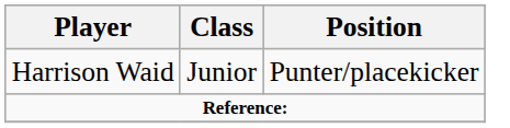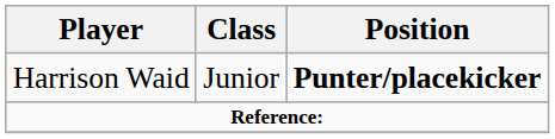 <table class="wikitable" border="1">
 <tr>
 <th>Player</th>
 <th>Class</th>
 <th>Position</th>
 </tr>
 <tr>
 <td>Harrison Waid</td>
 <td>Junior</td>
-<td>Punter/placekicker</td>
+<td><strong>Punter/placekicker</strong></td>
 </tr>
 <tr>
 <td colspan="3" style="font-size: 8pt" align="center"><strong>Reference:</strong></td>
 </tr>
 <tr>
 </tr>
 </table>
